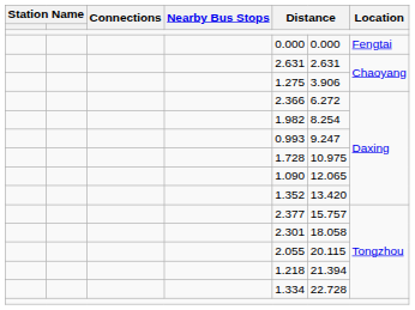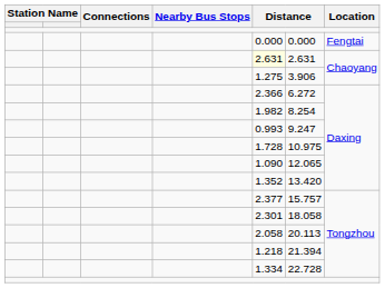 <table class="wikitable">
 <tr>
 <th colspan="2">Station Name</th>
 <th rowspan="2">Connections</th>
 <th rowspan="2"><a href='#'>Nearby Bus Stops</a></th>
 <th colspan="2" rowspan="2">Distance<br></th>
 <th rowspan="2">Location</th>
 </tr>
 <tr>
 <th></th>
 <th></th>
 </tr>
 <tr style="background:#">
 <td colspan = "7"></td>
 </tr>
 <tr>
 <td></td>
 <td></td>
 <td> </td>
 <td></td>
 <td>0.000</td>
 <td>0.000</td>
 <td><a href='#'>Fengtai</a></td>
 </tr>
 <tr>
 <td></td>
 <td></td>
 <td></td>
 <td></td>
-<td>2.631</td>
+<td style="background: lightyellow;">2.631</td>
 <td>2.631</td>
 <td rowspan="2"><a href='#'>Chaoyang</a></td>
 </tr>
 <tr>
 <td></td>
 <td></td>
 <td></td>
 <td></td>
 <td>1.275</td>
 <td>3.906</td>
 </tr>
 <tr>
 <td></td>
 <td></td>
 <td></td>
 <td></td>
 <td>2.366</td>
 <td>6.272</td>
 <td rowspan="6"><a href='#'>Daxing</a></td>
 </tr>
 <tr>
 <td></td>
 <td></td>
 <td></td>
 <td></td>
 <td>1.982</td>
 <td>8.254</td>
 </tr>
 <tr>
 <td></td>
 <td></td>
 <td></td>
 <td></td>
 <td>0.993</td>
 <td>9.247</td>
 </tr>
 <tr>
 <td></td>
 <td></td>
 <td></td>
 <td></td>
 <td>1.728</td>
 <td>10.975</td>
 </tr>
 <tr>
 <td></td>
 <td></td>
 <td></td>
 <td></td>
 <td>1.090</td>
 <td>12.065</td>
 </tr>
 <tr>
 <td></td>
 <td></td>
 <td></td>
 <td></td>
 <td>1.352</td>
 <td>13.420</td>
 </tr>
 <tr>
 <td></td>
 <td></td>
 <td></td>
 <td></td>
 <td>2.377</td>
 <td>15.757</td>
 <td rowspan="5"><a href='#'>Tongzhou</a></td>
 </tr>
 <tr>
 <td></td>
 <td></td>
 <td></td>
 <td></td>
 <td>2.301</td>
 <td>18.058</td>
 </tr>
 <tr>
 <td></td>
 <td></td>
 <td></td>
 <td></td>
-<td>2.055</td>
-<td>20.115</td>
+<td>2.058</td>
+<td>20.113</td>
 </tr>
 <tr>
 <td></td>
 <td></td>
 <td></td>
 <td></td>
 <td>1.218</td>
 <td>21.394</td>
 </tr>
 <tr>
 <td></td>
 <td></td>
 <td></td>
 <td></td>
 <td>1.334</td>
 <td>22.728</td>
 </tr>
 <tr style="background:#">
 <td colspan = "7"></td>
 </tr>
 </table>
